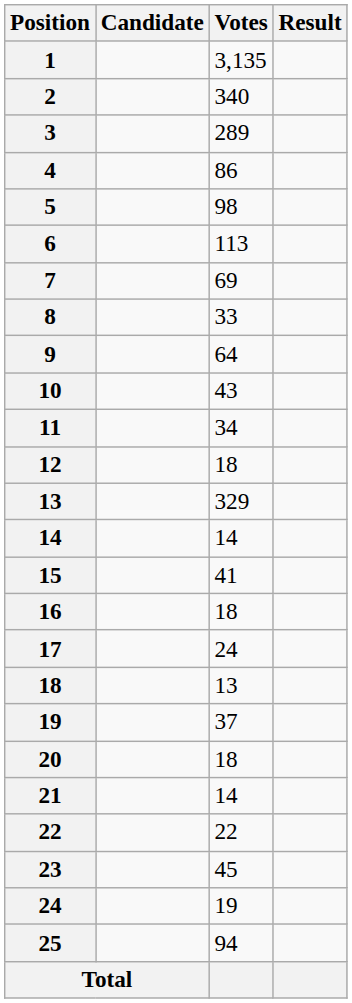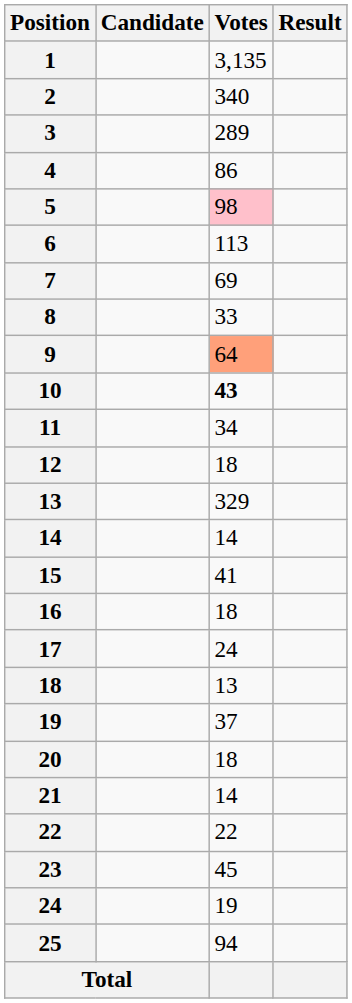 <table class="wikitable sortable col3right">
 <tr>
 <th scope="col">Position</th>
 <th scope="col">Candidate</th>
 <th scope="col">Votes</th>
 <th scope="col">Result</th>
 </tr>
 <tr>
 <th scope="row">1</th>
 <td></td>
 <td>3,135</td>
 <td></td>
 </tr>
 <tr>
 <th scope="row">2</th>
 <td></td>
 <td>340</td>
 <td></td>
 </tr>
 <tr>
 <th scope="row">3</th>
 <td></td>
 <td>289</td>
 <td></td>
 </tr>
 <tr>
 <th scope="row">4</th>
 <td></td>
 <td>86</td>
 <td></td>
 </tr>
 <tr>
 <th scope="row">5</th>
 <td></td>
-<td>98</td>
+<td style="background: pink;">98</td>
 <td></td>
 </tr>
 <tr>
 <th scope="row">6</th>
 <td></td>
 <td>113</td>
 <td></td>
 </tr>
 <tr>
 <th scope="row">7</th>
 <td></td>
 <td>69</td>
 <td></td>
 </tr>
 <tr>
 <th scope="row">8</th>
 <td></td>
 <td>33</td>
 <td></td>
 </tr>
 <tr>
 <th scope="row">9</th>
 <td></td>
-<td>64</td>
+<td style="background: lightsalmon;">64</td>
 <td></td>
 </tr>
 <tr>
 <th scope="row">10</th>
 <td></td>
-<td>43</td>
+<td><strong>43</strong></td>
 <td></td>
 </tr>
 <tr>
 <th scope="row">11</th>
 <td></td>
 <td>34</td>
 <td></td>
 </tr>
 <tr>
 <th scope="row">12</th>
 <td></td>
 <td>18</td>
 <td></td>
 </tr>
 <tr>
 <th scope="row">13</th>
 <td></td>
 <td>329</td>
 <td></td>
 </tr>
 <tr>
 <th scope="row">14</th>
 <td></td>
 <td>14</td>
 <td></td>
 </tr>
 <tr>
 <th scope="row">15</th>
 <td></td>
 <td>41</td>
 <td></td>
 </tr>
 <tr>
 <th scope="row">16</th>
 <td></td>
 <td>18</td>
 <td></td>
 </tr>
 <tr>
 <th scope="row">17</th>
 <td></td>
 <td>24</td>
 <td></td>
 </tr>
 <tr>
 <th scope="row">18</th>
 <td></td>
 <td>13</td>
 <td></td>
 </tr>
 <tr>
 <th scope="row">19</th>
 <td></td>
 <td>37</td>
 <td></td>
 </tr>
 <tr>
 <th scope="row">20</th>
 <td></td>
 <td>18</td>
 <td></td>
 </tr>
 <tr>
 <th scope="row">21</th>
 <td></td>
 <td>14</td>
 <td></td>
 </tr>
 <tr>
 <th scope="row">22</th>
 <td></td>
 <td>22</td>
 <td></td>
 </tr>
 <tr>
 <th scope="row">23</th>
 <td></td>
 <td>45</td>
 <td></td>
 </tr>
 <tr>
 <th scope="row">24</th>
 <td></td>
 <td>19</td>
 <td></td>
 </tr>
 <tr>
 <th scope="row">25</th>
 <td></td>
 <td>94</td>
 <td></td>
 </tr>
 <tr class="sortbottom">
 <th scope="row" colspan="2">Total</th>
 <th></th>
 <th></th>
 </tr>
 </table>
